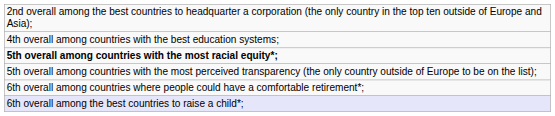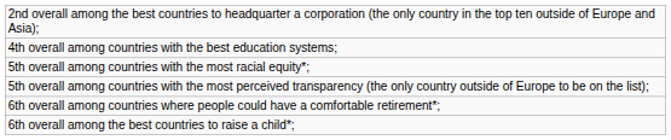 <table class="wikitable">
 <tr>
 <td>2nd overall among the best countries to headquarter a corporation (the only country in the top ten outside of Europe and Asia);</td>
 </tr>
 <tr>
 <td>4th overall among countries with the best education systems;</td>
 </tr>
 <tr>
-<td><strong>5th overall among countries with the most racial equity*;</strong></td>
+<td>5th overall among countries with the most racial equity*;</td>
 </tr>
 <tr>
 <td>5th overall among countries with the most perceived transparency (the only country outside of Europe to be on the list);</td>
 </tr>
 <tr>
 <td>6th overall among countries where people could have a comfortable retirement*;</td>
 </tr>
 <tr>
-<td style="background: lavender;">6th overall among the best countries to raise a child*;</td>
+<td>6th overall among the best countries to raise a child*;</td>
 </tr>
 </table>
